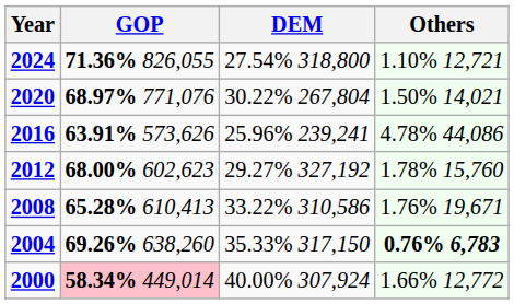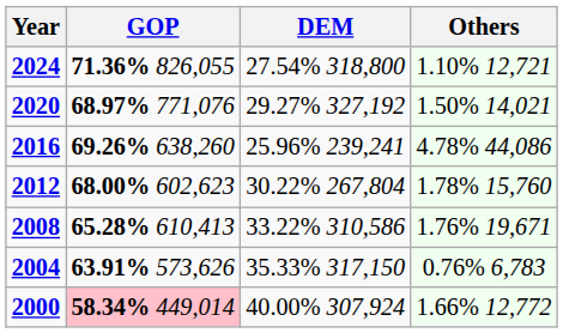 <table class="wikitable" class="toccolours" style="float:right; margin:1em 0 1em 1em; font-size:95%;">
 <tr>
 <th>Year</th>
 <th><a href='#'>GOP</a></th>
 <th><a href='#'>DEM</a></th>
 <th>Others</th>
 </tr>
 <tr>
 <td style="text-align:center; "><strong><a href='#'>2024</a></strong></td>
 <td style="text-align:center; "><strong>71.36%</strong> <em>826,055</em></td>
 <td style="text-align:center; ">27.54% <em>318,800</em></td>
 <td style="text-align:center; background:honeyDew;">1.10% <em>12,721</em></td>
 </tr>
 <tr>
 <td style="text-align:center; "><strong><a href='#'>2020</a></strong></td>
 <td style="text-align:center; "><strong>68.97%</strong> <em>771,076</em></td>
-<td style="text-align:center; ">30.22% <em>267,804</em></td>
+<td style="text-align:center; ">29.27% <em>327,192</em></td>
 <td style="text-align:center; background:honeyDew;">1.50% <em>14,021</em></td>
 </tr>
 <tr>
 <td style="text-align:center; "><strong><a href='#'>2016</a></strong></td>
-<td style="text-align:center; "><strong>63.91%</strong> <em>573,626</em></td>
+<td style="text-align:center; "><strong>69.26%</strong> <em>638,260</em></td>
 <td style="text-align:center; ">25.96% <em>239,241</em></td>
 <td style="text-align:center; background:honeyDew;">4.78% <em>44,086</em></td>
 </tr>
 <tr>
 <td style="text-align:center; "><strong><a href='#'>2012</a></strong></td>
 <td style="text-align:center; "><strong>68.00%</strong> <em>602,623</em></td>
-<td style="text-align:center; ">29.27% <em>327,192</em></td>
+<td style="text-align:center; ">30.22% <em>267,804</em></td>
 <td style="text-align:center; background:honeyDew;">1.78% <em>15,760</em></td>
 </tr>
 <tr>
 <td style="text-align:center; "><strong><a href='#'>2008</a></strong></td>
 <td style="text-align:center; "><strong>65.28%</strong> <em>610,413</em></td>
 <td style="text-align:center; ">33.22% <em>310,586</em></td>
 <td style="text-align:center; background:honeyDew;">1.76% <em>19,671</em></td>
 </tr>
 <tr>
 <td style="text-align:center; "><strong><a href='#'>2004</a></strong></td>
-<td style="text-align:center; "><strong>69.26%</strong> <em>638,260</em></td>
+<td style="text-align:center; "><strong>63.91%</strong> <em>573,626</em></td>
 <td style="text-align:center; ">35.33% <em>317,150</em></td>
-<td style="text-align:center; background:honeyDew;"><strong>0.76% <em>6,783</em></strong></td>
+<td style="text-align:center; background:honeyDew;">0.76% <em>6,783</em></td>
 </tr>
 <tr>
 <td style="text-align:center; "><strong><a href='#'>2000</a></strong></td>
 <td style="background: pink; text-align:center; "><strong>58.34%</strong> <em>449,014</em></td>
 <td style="text-align:center; ">40.00% <em>307,924</em></td>
 <td style="text-align:center; background:honeyDew;">1.66% <em>12,772</em></td>
 </tr>
 </table>
